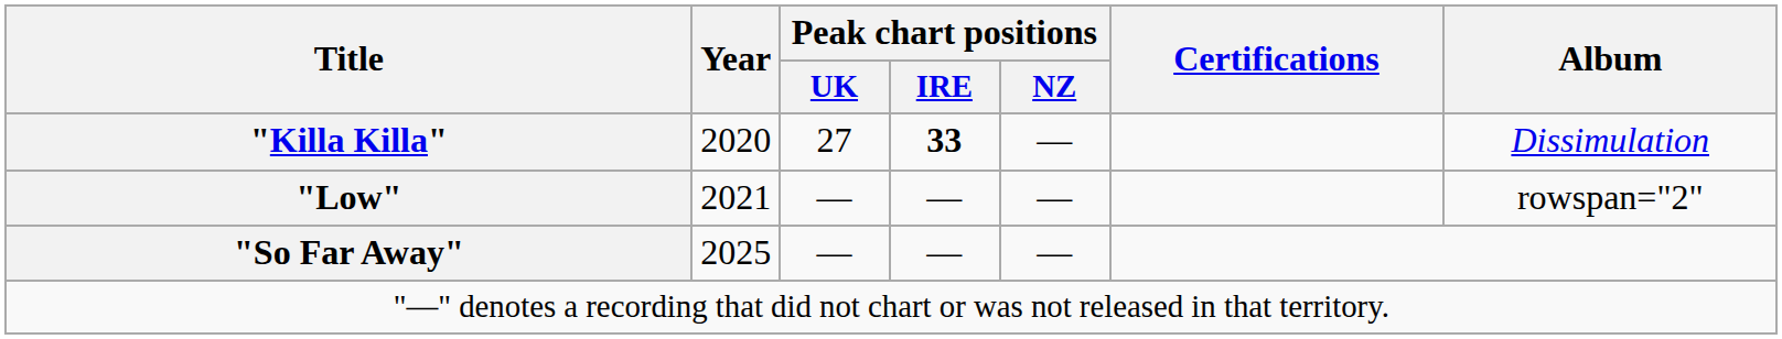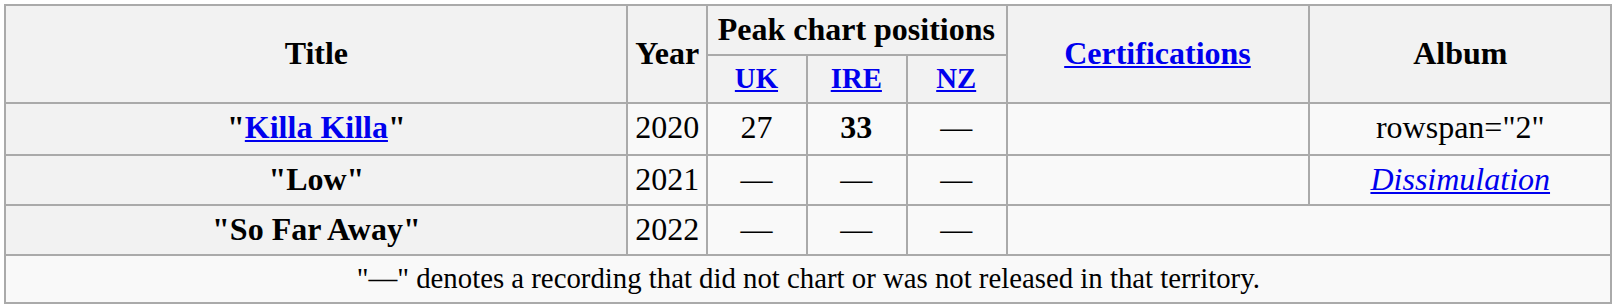 <table class="wikitable plainrowheaders" style="text-align:center;">
 <tr>
 <th scope="col" rowspan="2" style="width:19em;">Title</th>
 <th scope="col" rowspan="2" style="width:1em;">Year</th>
 <th colspan="3" scope="col">Peak chart positions</th>
 <th scope="col" rowspan="2" style="width:9em;"><a href='#'>Certifications</a></th>
 <th scope="col" rowspan="2" style="width:9em;">Album</th>
 </tr>
 <tr>
 <th scope="col" style="width:3em;font-size:90%;"><a href='#'>UK</a><br></th>
 <th scope="col" style="width:3em;font-size:90%;"><a href='#'>IRE</a><br></th>
 <th scope="col" style="width:3em;font-size:90%;"><a href='#'>NZ</a><br></th>
 </tr>
 <tr>
 <th scope="row">"<a href='#'>Killa Killa</a>"<br></th>
 <td>2020</td>
 <td>27</td>
 <td><strong>33</strong></td>
 <td>—</td>
 <td></td>
-<td><em><a href='#'>Dissimulation</a></em></td>
+<td>rowspan="2"</td>
 </tr>
 <tr>
 <th scope="row">"Low"</th>
 <td>2021</td>
 <td>—</td>
 <td>—</td>
 <td>—</td>
 <td></td>
-<td>rowspan="2"</td>
+<td><em><a href='#'>Dissimulation</a></em></td>
 </tr>
 <tr>
 <th scope="row">"So Far Away"<br></th>
-<td>2025</td>
+<td>2022</td>
 <td>—</td>
 <td>—</td>
 <td>—</td>
 </tr>
 <tr>
 <td colspan="14" style="font-size:90%">"—" denotes a recording that did not chart or was not released in that territory.</td>
 </tr>
 </table>
